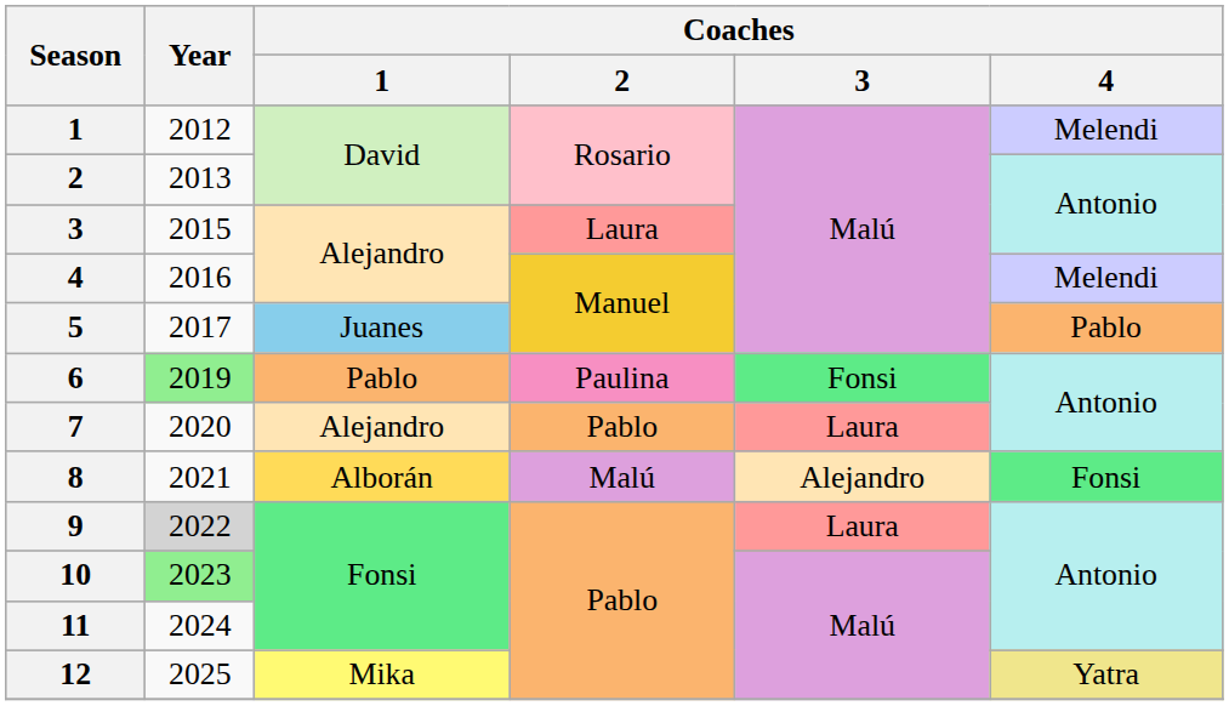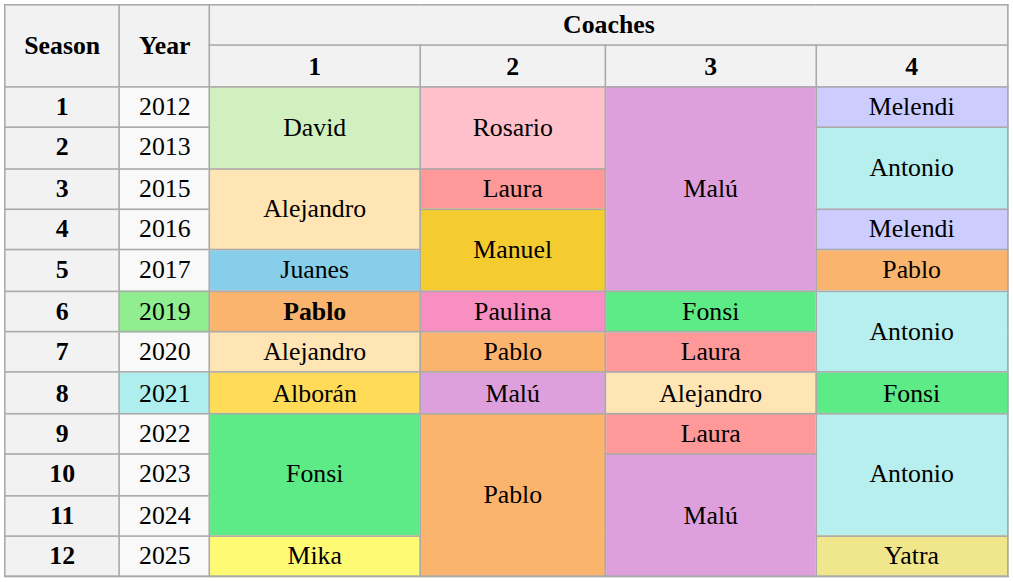 <table class="wikitable collapsible collapsed" style="text-align:center; width:100%">
 <tr>
 <th width="2%" rowspan="2">Season</th>
 <th width="2%" rowspan="2">Year</th>
 <th colspan="5">Coaches</th>
 </tr>
 <tr>
 <th width="7%">1</th>
 <th width="7%">2</th>
 <th width="7%">3</th>
 <th width="7%">4</th>
 </tr>
 <tr>
 <th>1</th>
 <td>2012</td>
 <td rowspan="2" bgcolor="#d0f0c0">David</td>
 <td rowspan="2" bgcolor="pink">Rosario</td>
 <td rowspan="5" bgcolor="#dda0dd">Malú</td>
 <td bgcolor="#ccf">Melendi</td>
 </tr>
 <tr>
 <th>2</th>
 <td>2013</td>
 <td style="background:#b7efef" rowspan="2">Antonio</td>
 </tr>
 <tr>
 <th>3</th>
 <td>2015</td>
 <td style="background:#ffe5b4" rowspan="2">Alejandro</td>
 <td style="background:#ff9999">Laura</td>
 </tr>
 <tr>
 <th>4</th>
 <td>2016</td>
 <td style="background:#F4CC30" rowspan="2">Manuel</td>
 <td style="background:#ccccff">Melendi</td>
 </tr>
 <tr>
 <th>5</th>
 <td>2017</td>
 <td style="background:#87ceeb">Juanes</td>
 <td style="background:#fbb46e">Pablo</td>
 </tr>
 <tr>
 <th>6</th>
 <td style="background: lightgreen;">2019</td>
-<td style="background:#fbb46e">Pablo</td>
+<td style="background:#fbb46e"><strong>Pablo</strong></td>
 <td style="background:#F78FC2">Paulina</td>
 <td style="background:#5deb87">Fonsi</td>
 <td style="background:#b7efef" rowspan="2">Antonio</td>
 </tr>
 <tr>
 <th>7</th>
 <td>2020</td>
 <td style="background:#ffe5b4">Alejandro</td>
 <td style="background:#fbb46e">Pablo</td>
 <td style="background:#ff9999">Laura</td>
 </tr>
 <tr>
 <th>8</th>
-<td>2021</td>
+<td style="background: paleturquoise;">2021</td>
 <td style="background:#ffdb58">Alborán</td>
 <td style="background:#dda0dd">Malú</td>
 <td style="background:#ffe5b4">Alejandro</td>
 <td style="background:#5deb87">Fonsi</td>
 </tr>
 <tr>
 <th>9</th>
-<td style="background: lightgrey;">2022</td>
+<td>2022</td>
 <td rowspan="3" style="background:#5deb87">Fonsi</td>
 <td rowspan="4" style="background:#fbb46e">Pablo</td>
 <td style="background:#ff9999">Laura</td>
 <td rowspan="3" style="background:#b7efef">Antonio</td>
 </tr>
 <tr>
 <th>10</th>
-<td style="background: lightgreen;">2023</td>
+<td>2023</td>
 <td rowspan="3" style="background:#dda0dd">Malú</td>
 </tr>
 <tr>
 <th>11</th>
 <td>2024</td>
 </tr>
 <tr>
 <th>12</th>
 <td>2025</td>
 <td style="background:#fffa73">Mika</td>
 <td style="background:khaki">Yatra</td>
 </tr>
 <tr>
 </tr>
 </table>
